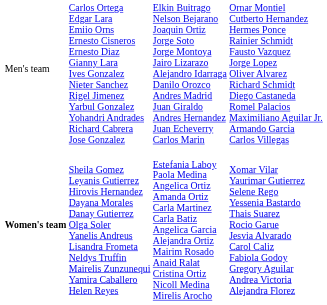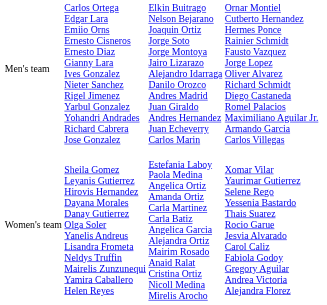 <table>
 <tr>
 <td>Men's team</td>
 <td><br><a href='#'>Carlos Ortega</a><br><a href='#'>Edgar Lara</a><br><a href='#'>Emiio Orns</a><br><a href='#'>Ernesto Cisneros</a><br><a href='#'>Ernesto Diaz</a><br><a href='#'>Gianny Lara</a><br><a href='#'>Ives Gonzalez</a><br><a href='#'>Nieter Sanchez</a><br><a href='#'>Rigel Jimenez</a><br><a href='#'>Yarbul Gonzalez</a><br><a href='#'>Yohandri Andrades</a><br><a href='#'>Richard Cabrera</a><br><a href='#'>Jose Gonzalez</a></td>
 <td><br><a href='#'>Elkin Buitrago</a><br><a href='#'>Nelson Bejarano</a><br><a href='#'>Joaquin Ortiz</a><br><a href='#'>Jorge Soto</a><br><a href='#'>Jorge Montoya</a><br><a href='#'>Jairo Lizarazo</a><br><a href='#'>Alejandro Idarraga</a><br><a href='#'>Danilo Orozco</a><br><a href='#'>Andres Madrid</a><br><a href='#'>Juan Giraldo</a><br><a href='#'>Andres Hernandez</a><br><a href='#'>Juan Echeverry</a><br><a href='#'>Carlos Marin</a></td>
 <td><br><a href='#'>Ornar Montiel</a><br><a href='#'>Cutberto Hernandez</a><br><a href='#'>Hermes Ponce</a><br><a href='#'>Rainier Schmidt</a><br><a href='#'>Fausto Vazquez</a><br><a href='#'>Jorge Lopez</a><br><a href='#'>Oliver Alvarez</a><br><a href='#'>Richard Schmidt</a><br><a href='#'>Diego Castaneda</a><br><a href='#'>Romel Palacios</a><br><a href='#'>Maximiliano Aguilar Jr.</a><br><a href='#'>Armando Garcia</a><br><a href='#'>Carlos Villegas</a></td>
 </tr>
 <tr>
-<td><strong>Women's team</strong></td>
+<td>Women's team</td>
 <td><br><a href='#'>Sheila Gomez</a><br><a href='#'>Leyanis Gutierrez</a><br><a href='#'>Hirovis Hernandez</a><br><a href='#'>Dayana Morales</a><br><a href='#'>Danay Gutierrez</a><br><a href='#'>Olga Soler</a><br><a href='#'>Yanelis Andreus</a><br><a href='#'>Lisandra Frometa</a><br><a href='#'>Neldys Truffin</a><br><a href='#'>Mairelis Zunzunequi</a><br><a href='#'>Yamira Caballero</a><br><a href='#'>Helen Reyes</a></td>
 <td><br><a href='#'>Estefania Laboy</a><br><a href='#'>Paola Medina</a><br><a href='#'>Angelica Ortiz</a><br><a href='#'>Amanda Ortiz</a><br><a href='#'>Carla Martinez</a><br><a href='#'>Carla Batiz</a><br><a href='#'>Angelica Garcia</a><br><a href='#'>Alejandra Ortiz</a><br><a href='#'>Mairim Rosado</a><br><a href='#'>Anaid Ralat</a><br><a href='#'>Cristina Ortiz</a><br><a href='#'>Nicoll Medina</a><br><a href='#'>Mirelis Arocho</a></td>
 <td><br><a href='#'>Xomar Vilar</a><br><a href='#'>Yaurimar Gutierrez</a><br><a href='#'>Selene Rego</a><br><a href='#'>Yessenia Bastardo</a><br><a href='#'>Thais Suarez</a><br><a href='#'>Rocio Garue</a><br><a href='#'>Jesvia Alvarado</a><br><a href='#'>Carol Caliz</a><br><a href='#'>Fabiola Godoy</a><br><a href='#'>Gregory Aguilar</a><br><a href='#'>Andrea Victoria</a><br><a href='#'>Alejandra Florez</a></td>
 </tr>
 </table>
